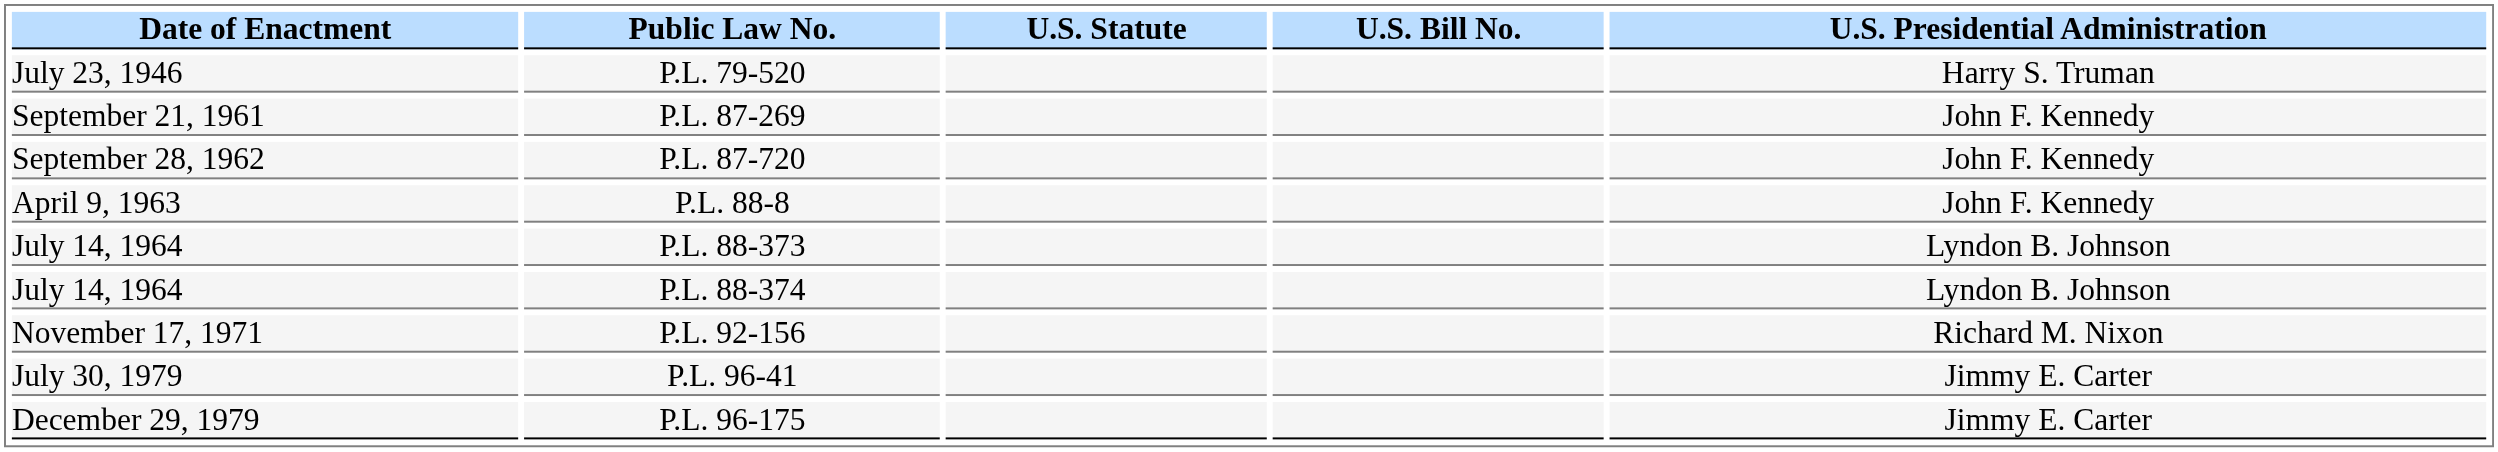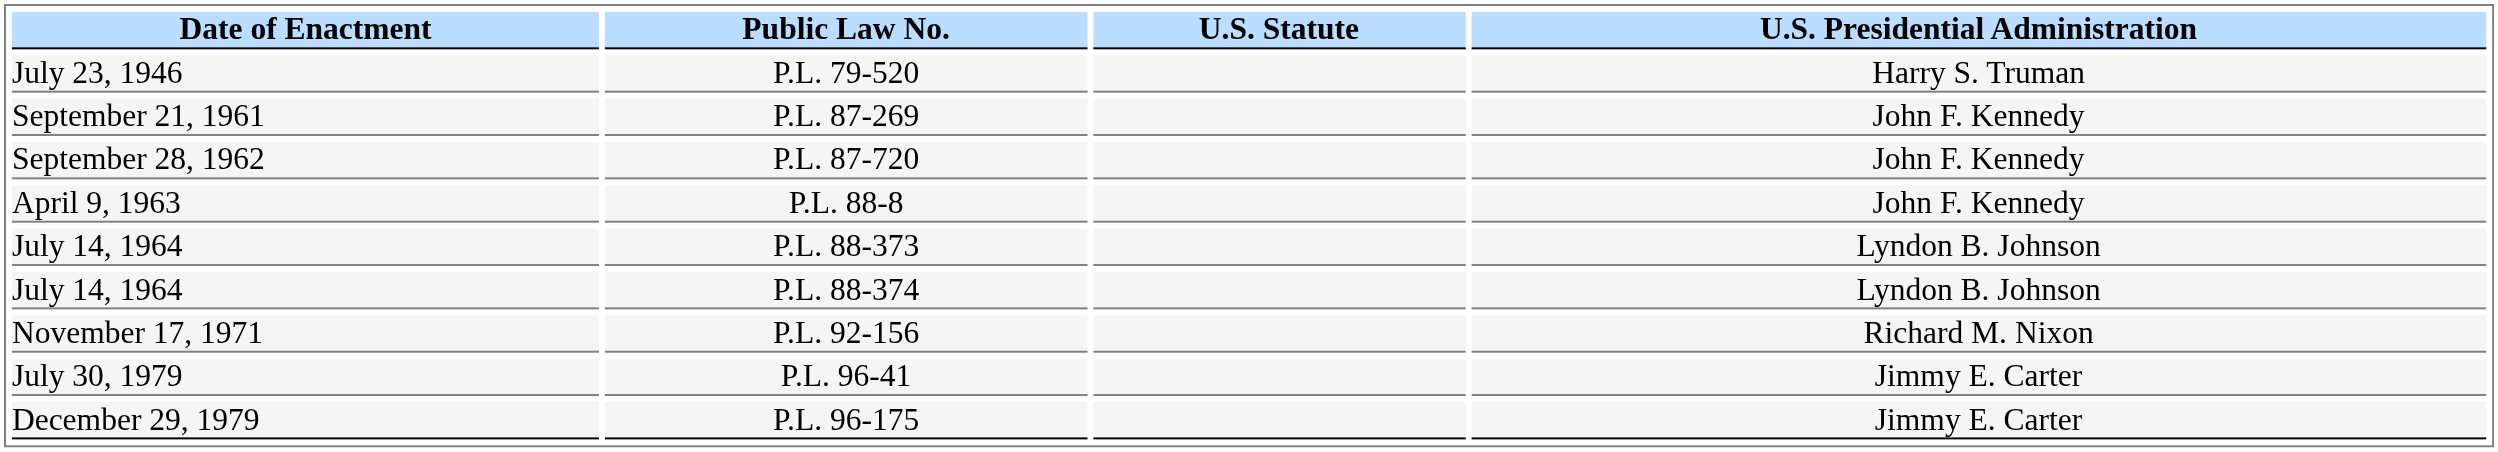 <table style="border:1px solid gray; align:left; width:100%" cellspacing=3 cellpadding=0>
 <tr style="font-weight:bold; text-align:center; background:#bbddff; color:black;">
 <th style=" border-bottom:1.5px solid black">Date of Enactment</th>
 <th style=" border-bottom:1.5px solid black">Public Law No.</th>
 <th style=" border-bottom:1.5px solid black">U.S. Statute</th>
-<th style=" border-bottom:1.5px solid black">U.S. Bill No.</th>
 <th style=" border-bottom:1.5px solid black">U.S. Presidential Administration</th>
 </tr>
 <tr>
 <td style="border-bottom:1px solid gray; background:#F5F5F5;">July 23, 1946</td>
 <td style="border-bottom:1px solid gray; background:#F5F5F5; text-align:center;">P.L. 79-520</td>
-<td style="border-bottom:1px solid gray; background:#F5F5F5; text-align:center;"></td>
 <td style="border-bottom:1px solid gray; background:#F5F5F5; text-align:center;"></td>
 <td style="border-bottom:1px solid gray; background:#F5F5F5; text-align:center;">Harry S. Truman</td>
 </tr>
 <tr>
 <td style="border-bottom:1px solid gray; background:#F5F5F5;">September 21, 1961</td>
 <td style="border-bottom:1px solid gray; background:#F5F5F5; text-align:center;">P.L. 87-269</td>
 <td style="border-bottom:1px solid gray; background:#F5F5F5; text-align:center;"></td>
-<td style="border-bottom:1px solid gray; background:#F5F5F5; text-align:center;"></td>
 <td style="border-bottom:1px solid gray; background:#F5F5F5; text-align:center;">John F. Kennedy</td>
 </tr>
 <tr>
 <td style="border-bottom:1px solid gray; background:#F5F5F5;">September 28, 1962</td>
 <td style="border-bottom:1px solid gray; background:#F5F5F5; text-align:center;">P.L. 87-720</td>
-<td style="border-bottom:1px solid gray; background:#F5F5F5; text-align:center;"></td>
 <td style="border-bottom:1px solid gray; background:#F5F5F5; text-align:center;"></td>
 <td style="border-bottom:1px solid gray; background:#F5F5F5; text-align:center;">John F. Kennedy</td>
 </tr>
 <tr>
 <td style="border-bottom:1px solid gray; background:#F5F5F5;">April 9, 1963</td>
 <td style="border-bottom:1px solid gray; background:#F5F5F5; text-align:center;">P.L. 88-8</td>
 <td style="border-bottom:1px solid gray; background:#F5F5F5; text-align:center;"></td>
-<td style="border-bottom:1px solid gray; background:#F5F5F5; text-align:center;"></td>
 <td style="border-bottom:1px solid gray; background:#F5F5F5; text-align:center;">John F. Kennedy</td>
 </tr>
 <tr>
 <td style="border-bottom:1px solid gray; background:#F5F5F5;">July 14, 1964</td>
 <td style="border-bottom:1px solid gray; background:#F5F5F5; text-align:center;">P.L. 88-373</td>
-<td style="border-bottom:1px solid gray; background:#F5F5F5; text-align:center;"></td>
 <td style="border-bottom:1px solid gray; background:#F5F5F5; text-align:center;"></td>
 <td style="border-bottom:1px solid gray; background:#F5F5F5; text-align:center;">Lyndon B. Johnson</td>
 </tr>
 <tr>
 <td style="border-bottom:1px solid gray; background:#F5F5F5;">July 14, 1964</td>
 <td style="border-bottom:1px solid gray; background:#F5F5F5; text-align:center;">P.L. 88-374</td>
 <td style="border-bottom:1px solid gray; background:#F5F5F5; text-align:center;"></td>
-<td style="border-bottom:1px solid gray; background:#F5F5F5; text-align:center;"></td>
 <td style="border-bottom:1px solid gray; background:#F5F5F5; text-align:center;">Lyndon B. Johnson</td>
 </tr>
 <tr>
 <td style="border-bottom:1px solid gray; background:#F5F5F5;">November 17, 1971</td>
 <td style="border-bottom:1px solid gray; background:#F5F5F5; text-align:center;">P.L. 92-156</td>
-<td style="border-bottom:1px solid gray; background:#F5F5F5; text-align:center;"></td>
 <td style="border-bottom:1px solid gray; background:#F5F5F5; text-align:center;"></td>
 <td style="border-bottom:1px solid gray; background:#F5F5F5; text-align:center;">Richard M. Nixon</td>
 </tr>
 <tr>
 <td style="border-bottom:1px solid gray; background:#F5F5F5;">July 30, 1979</td>
 <td style="border-bottom:1px solid gray; background:#F5F5F5; text-align:center;">P.L. 96-41</td>
 <td style="border-bottom:1px solid gray; background:#F5F5F5; text-align:center;"></td>
-<td style="border-bottom:1px solid gray; background:#F5F5F5; text-align:center;"></td>
 <td style="border-bottom:1px solid gray; background:#F5F5F5; text-align:center;">Jimmy E. Carter</td>
 </tr>
 <tr>
 <td style="border-bottom:1.5px solid black; background:#F5F5F5;">December 29, 1979</td>
 <td style="border-bottom:1.5px solid black; background:#F5F5F5; text-align:center;">P.L. 96-175</td>
 <td style="border-bottom:1.5px solid black; background:#F5F5F5; text-align:center;"></td>
-<td style="border-bottom:1.5px solid black; background:#F5F5F5; text-align:center;"></td>
 <td style="border-bottom:1.5px solid black; background:#F5F5F5; text-align:center;">Jimmy E. Carter</td>
 </tr>
 </table>
